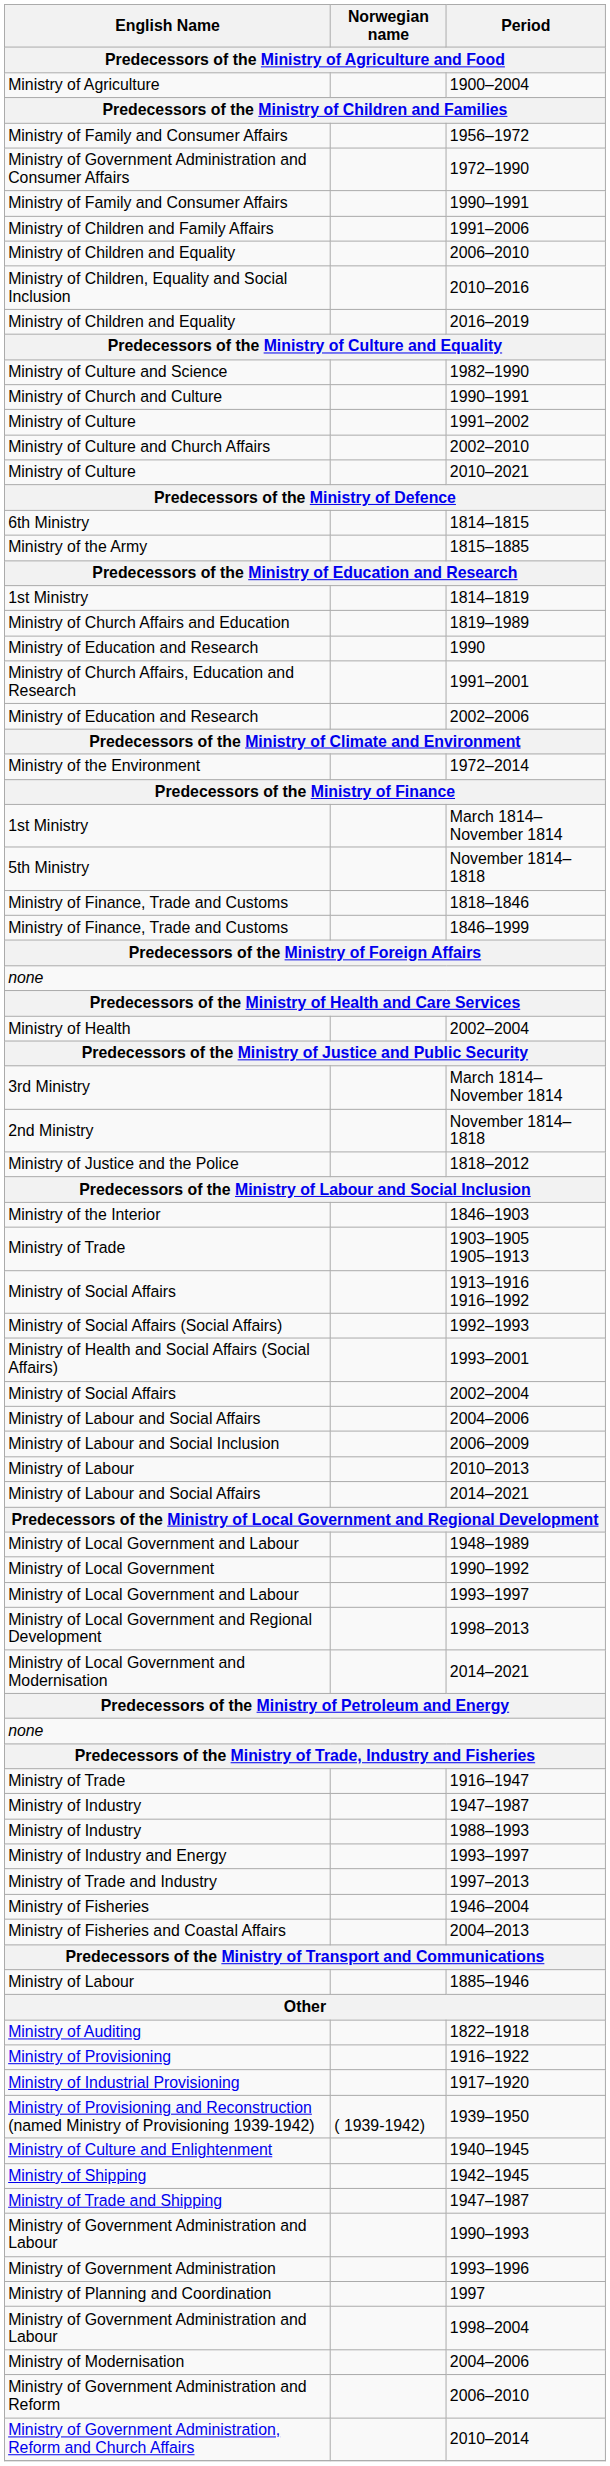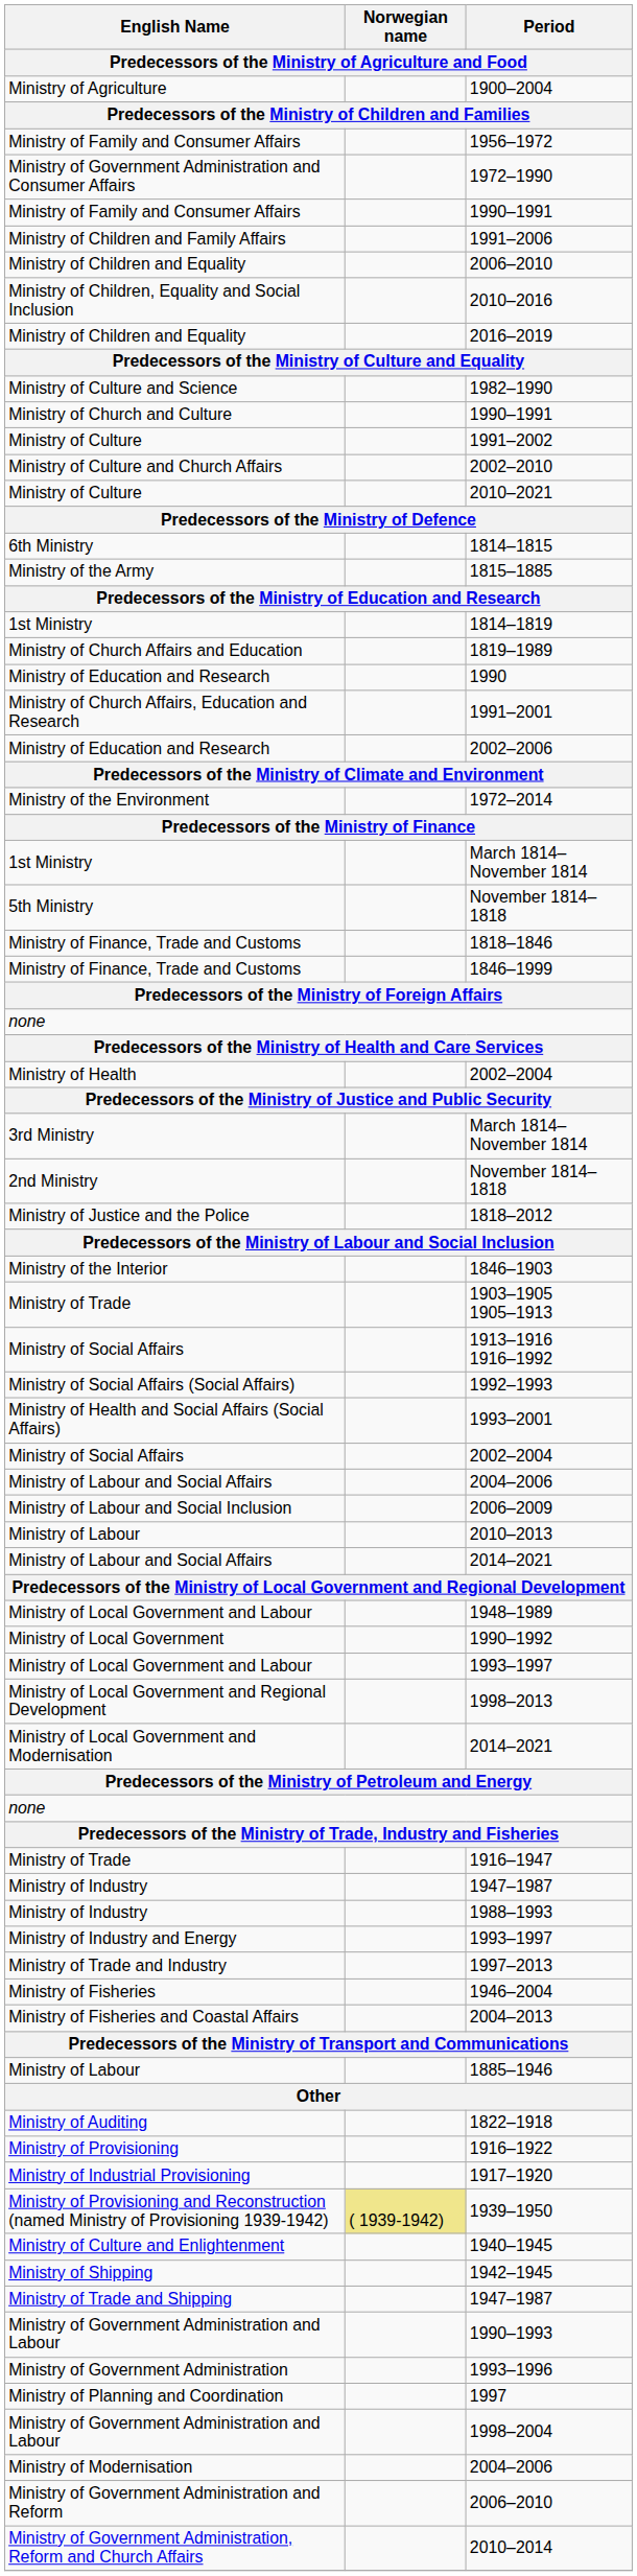 <table class="wikitable">
 <tr>
 <th>English Name</th>
 <th>Norwegian name</th>
 <th>Period</th>
 </tr>
 <tr>
 <th colspan="3">Predecessors of the <a href='#'>Ministry of Agriculture and Food</a></th>
 </tr>
 <tr>
 <td>Ministry of Agriculture</td>
 <td></td>
 <td>1900–2004</td>
 </tr>
 <tr>
 <th colspan="4"><strong>Predecessors of the <a href='#'>Ministry of Children and Families</a></strong></th>
 </tr>
 <tr>
 <td>Ministry of Family and Consumer Affairs</td>
 <td></td>
 <td>1956–1972</td>
 </tr>
 <tr>
 <td>Ministry of Government Administration and Consumer Affairs</td>
 <td></td>
 <td>1972–1990</td>
 </tr>
 <tr>
 <td>Ministry of Family and Consumer Affairs</td>
 <td></td>
 <td>1990–1991</td>
 </tr>
 <tr>
 <td>Ministry of Children and Family Affairs</td>
 <td></td>
 <td>1991–2006</td>
 </tr>
 <tr>
 <td>Ministry of Children and Equality</td>
 <td></td>
 <td>2006–2010</td>
 </tr>
 <tr>
 <td>Ministry of Children, Equality and Social Inclusion</td>
 <td></td>
 <td>2010–2016</td>
 </tr>
 <tr>
 <td>Ministry of Children and Equality</td>
 <td></td>
 <td>2016–2019</td>
 </tr>
 <tr>
 <th colspan="4">Predecessors of the <a href='#'>Ministry of Culture and Equality</a></th>
 </tr>
 <tr>
 <td>Ministry of Culture and Science</td>
 <td></td>
 <td>1982–1990</td>
 </tr>
 <tr>
 <td>Ministry of Church and Culture</td>
 <td></td>
 <td>1990–1991</td>
 </tr>
 <tr>
 <td>Ministry of Culture</td>
 <td></td>
 <td>1991–2002</td>
 </tr>
 <tr>
 <td>Ministry of Culture and Church Affairs</td>
 <td></td>
 <td>2002–2010</td>
 </tr>
 <tr>
 <td>Ministry of Culture</td>
 <td></td>
 <td>2010–2021</td>
 </tr>
 <tr>
 <th colspan="3">Predecessors of the <a href='#'>Ministry of Defence</a></th>
 </tr>
 <tr>
 <td>6th Ministry</td>
 <td></td>
 <td>1814–1815</td>
 </tr>
 <tr>
 <td>Ministry of the Army</td>
 <td></td>
 <td>1815–1885</td>
 </tr>
 <tr>
 <th colspan="3">Predecessors of the <a href='#'>Ministry of Education and Research</a></th>
 </tr>
 <tr>
 <td>1st Ministry</td>
 <td></td>
 <td>1814–1819</td>
 </tr>
 <tr>
 <td>Ministry of Church Affairs and Education</td>
 <td></td>
 <td>1819–1989</td>
 </tr>
 <tr>
 <td>Ministry of Education and Research</td>
 <td></td>
 <td>1990</td>
 </tr>
 <tr>
 <td>Ministry of Church Affairs, Education and Research</td>
 <td></td>
 <td>1991–2001</td>
 </tr>
 <tr>
 <td>Ministry of Education and Research</td>
 <td></td>
 <td>2002–2006</td>
 </tr>
 <tr>
 <th colspan="3">Predecessors of the <a href='#'>Ministry of Climate and Environment</a></th>
 </tr>
 <tr>
 <td>Ministry of the Environment</td>
 <td></td>
 <td>1972–2014</td>
 </tr>
 <tr>
 <th colspan="3">Predecessors of the <a href='#'>Ministry of Finance</a></th>
 </tr>
 <tr>
 <td>1st Ministry</td>
 <td></td>
 <td>March 1814–November 1814</td>
 </tr>
 <tr>
 <td>5th Ministry</td>
 <td></td>
 <td>November 1814–1818</td>
 </tr>
 <tr>
 <td>Ministry of Finance, Trade and Customs</td>
 <td></td>
 <td>1818–1846</td>
 </tr>
 <tr>
 <td>Ministry of Finance, Trade and Customs</td>
 <td></td>
 <td>1846–1999</td>
 </tr>
 <tr>
 <th colspan="3">Predecessors of the <a href='#'>Ministry of Foreign Affairs</a></th>
 </tr>
 <tr>
 <td colspan="3"><em>none</em></td>
 </tr>
 <tr>
 <th colspan="3">Predecessors of the <a href='#'>Ministry of Health and Care Services</a></th>
 </tr>
 <tr>
 <td>Ministry of Health</td>
 <td></td>
 <td>2002–2004</td>
 </tr>
 <tr>
 <th colspan="3">Predecessors of the <a href='#'>Ministry of Justice and Public Security</a></th>
 </tr>
 <tr>
 <td>3rd Ministry</td>
 <td></td>
 <td>March 1814–November 1814</td>
 </tr>
 <tr>
 <td>2nd Ministry</td>
 <td></td>
 <td>November 1814–1818</td>
 </tr>
 <tr>
 <td>Ministry of Justice and the Police</td>
 <td></td>
 <td>1818–2012</td>
 </tr>
 <tr>
 <th colspan="4">Predecessors of the <a href='#'>Ministry of Labour and Social Inclusion</a></th>
 </tr>
 <tr>
 <td>Ministry of the Interior</td>
 <td></td>
 <td>1846–1903</td>
 </tr>
 <tr>
 <td>Ministry of Trade</td>
 <td></td>
 <td>1903–1905<br>1905–1913</td>
 </tr>
 <tr>
 <td>Ministry of Social Affairs</td>
 <td></td>
 <td>1913–1916<br>1916–1992</td>
 </tr>
 <tr>
 <td>Ministry of Social Affairs (Social Affairs)</td>
 <td></td>
 <td>1992–1993</td>
 </tr>
 <tr>
 <td>Ministry of Health and Social Affairs (Social Affairs)</td>
 <td></td>
 <td>1993–2001</td>
 </tr>
 <tr>
 <td>Ministry of Social Affairs</td>
 <td></td>
 <td>2002–2004</td>
 </tr>
 <tr>
 <td>Ministry of Labour and Social Affairs</td>
 <td></td>
 <td>2004–2006</td>
 </tr>
 <tr>
 <td>Ministry of Labour and Social Inclusion</td>
 <td></td>
 <td>2006–2009</td>
 </tr>
 <tr>
 <td>Ministry of Labour</td>
 <td></td>
 <td>2010–2013</td>
 </tr>
 <tr>
 <td>Ministry of Labour and Social Affairs</td>
 <td></td>
 <td>2014–2021</td>
 </tr>
 <tr>
 <th colspan="3">Predecessors of the <a href='#'>Ministry of Local Government and Regional Development</a></th>
 </tr>
 <tr>
 <td>Ministry of Local Government and Labour</td>
 <td></td>
 <td>1948–1989</td>
 </tr>
 <tr>
 <td>Ministry of Local Government</td>
 <td></td>
 <td>1990–1992</td>
 </tr>
 <tr>
 <td>Ministry of Local Government and Labour</td>
 <td></td>
 <td>1993–1997</td>
 </tr>
 <tr>
 <td>Ministry of Local Government and Regional Development</td>
 <td></td>
 <td>1998–2013</td>
 </tr>
 <tr>
 <td>Ministry of Local Government and Modernisation</td>
 <td></td>
 <td>2014–2021</td>
 </tr>
 <tr>
 <th colspan="3">Predecessors of the <a href='#'>Ministry of Petroleum and Energy</a></th>
 </tr>
 <tr>
 <td colspan="3"><em>none</em></td>
 </tr>
 <tr>
 <th colspan="3">Predecessors of the <a href='#'>Ministry of Trade, Industry and Fisheries</a></th>
 </tr>
 <tr>
 <td>Ministry of Trade</td>
 <td></td>
 <td>1916–1947</td>
 </tr>
 <tr>
 <td>Ministry of Industry</td>
 <td></td>
 <td>1947–1987</td>
 </tr>
 <tr>
 <td>Ministry of Industry</td>
 <td></td>
 <td>1988–1993</td>
 </tr>
 <tr>
 <td>Ministry of Industry and Energy</td>
 <td></td>
 <td>1993–1997</td>
 </tr>
 <tr>
 <td>Ministry of Trade and Industry</td>
 <td></td>
 <td>1997–2013</td>
 </tr>
 <tr>
 <td>Ministry of Fisheries</td>
 <td></td>
 <td>1946–2004</td>
 </tr>
 <tr>
 <td>Ministry of Fisheries and Coastal Affairs</td>
 <td></td>
 <td>2004–2013</td>
 </tr>
 <tr>
 <th colspan="3">Predecessors of the <a href='#'>Ministry of Transport and Communications</a></th>
 </tr>
 <tr>
 <td>Ministry of Labour</td>
 <td></td>
 <td>1885–1946</td>
 </tr>
 <tr>
 <th colspan="3">Other</th>
 </tr>
 <tr>
 <td><a href='#'>Ministry of Auditing</a></td>
 <td></td>
 <td>1822–1918</td>
 </tr>
 <tr>
 <td><a href='#'>Ministry of Provisioning</a></td>
 <td></td>
 <td>1916–1922</td>
 </tr>
 <tr>
 <td><a href='#'>Ministry of Industrial Provisioning</a></td>
 <td></td>
 <td>1917–1920</td>
 </tr>
 <tr>
 <td><a href='#'>Ministry of Provisioning and Reconstruction</a><br>(named Ministry of Provisioning 1939-1942)</td>
-<td><br>( 1939-1942)</td>
+<td style="background: khaki;"><br>( 1939-1942)</td>
 <td>1939–1950</td>
 </tr>
 <tr>
 <td><a href='#'>Ministry of Culture and Enlightenment</a></td>
 <td></td>
 <td>1940–1945</td>
 </tr>
 <tr>
 <td><a href='#'>Ministry of Shipping</a></td>
 <td></td>
 <td>1942–1945</td>
 </tr>
 <tr>
 <td><a href='#'>Ministry of Trade and Shipping</a></td>
 <td></td>
 <td>1947–1987</td>
 </tr>
 <tr>
 <td>Ministry of Government Administration and Labour</td>
 <td></td>
 <td>1990–1993</td>
 </tr>
 <tr>
 <td>Ministry of Government Administration</td>
 <td></td>
 <td>1993–1996</td>
 </tr>
 <tr>
 <td>Ministry of Planning and Coordination</td>
 <td></td>
 <td>1997</td>
 </tr>
 <tr>
 <td>Ministry of Government Administration and Labour</td>
 <td></td>
 <td>1998–2004</td>
 </tr>
 <tr>
 <td>Ministry of Modernisation</td>
 <td></td>
 <td>2004–2006</td>
 </tr>
 <tr>
 <td>Ministry of Government Administration and Reform</td>
 <td></td>
 <td>2006–2010</td>
 </tr>
 <tr>
 <td><a href='#'>Ministry of Government Administration, Reform and Church Affairs</a></td>
 <td></td>
 <td>2010–2014</td>
 </tr>
 <tr>
 </tr>
 </table>
